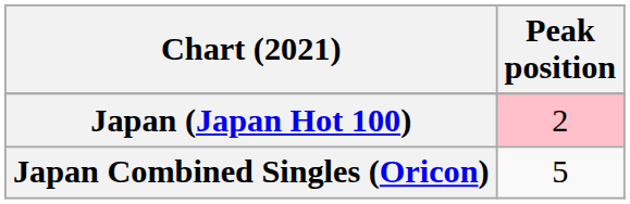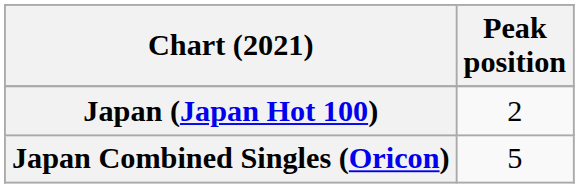 <table class="wikitable sortable plainrowheaders" style="text-align:center">
 <tr>
 <th scope="col">Chart (2021)</th>
 <th scope="col">Peak<br>position</th>
 </tr>
 <tr>
 </tr>
 <tr>
 <th scope="row">Japan (<a href='#'>Japan Hot 100</a>)</th>
-<td style="background: pink;">2</td>
+<td>2</td>
 </tr>
 <tr>
 <th scope="row">Japan Combined Singles (<a href='#'>Oricon</a>)</th>
 <td>5</td>
 </tr>
 </table>
